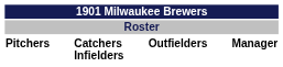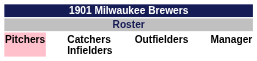 <table class="toccolours" style="font-size: 95%;">
 <tr>
 <th colspan="10" style="background-color: #151B54; color: white; text-align: center;">1901 Milwaukee Brewers</th>
 </tr>
 <tr>
 <td colspan="10" style="background-color: #C0C0C0; color: #151B54; text-align: center;"><strong>Roster</strong></td>
 </tr>
 <tr>
-<td valign="top"><strong>Pitchers</strong><br>     </td>
+<td valign="top" style="background: pink;"><strong>Pitchers</strong><br>     </td>
 <td width="25px"></td>
 <td valign="top"><strong>Catchers</strong><br>     <strong>Infielders</strong>       </td>
 <td width="25px"></td>
 <td valign="top"><strong>Outfielders</strong><br>       </td>
 <td width="25px"></td>
 <td valign="top"><strong>Manager</strong><br></td>
 </tr>
 </table>
